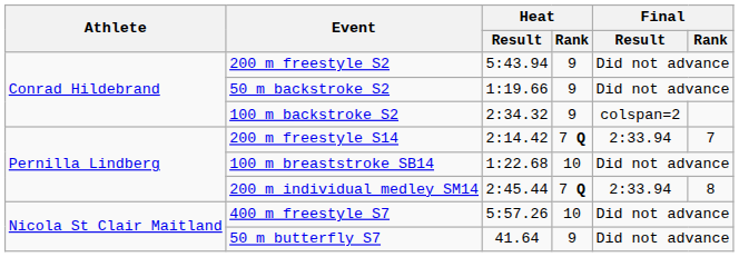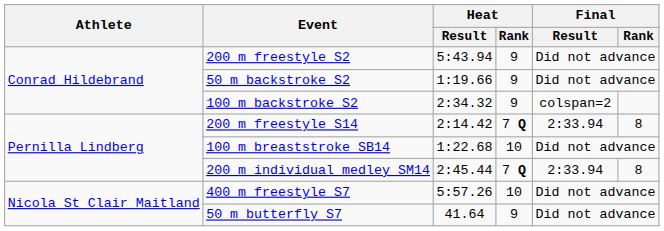 <table class="wikitable" style="font-size:90%">
 <tr>
 <th rowspan="2">Athlete</th>
 <th rowspan="2">Event</th>
 <th colspan=2>Heat</th>
 <th colspan=2>Final</th>
 </tr>
 <tr style="font-size:95%">
 <th>Result</th>
 <th>Rank</th>
 <th>Result</th>
 <th>Rank</th>
 </tr>
 <tr align=center>
 <td align=left rowspan=3><a href='#'>Conrad Hildebrand</a></td>
 <td align=left><a href='#'>200 m freestyle S2</a></td>
 <td>5:43.94</td>
 <td>9</td>
 <td colspan=2>Did not advance</td>
 </tr>
 <tr align=center>
 <td align=left><a href='#'>50 m backstroke S2</a></td>
 <td>1:19.66</td>
 <td>9</td>
 <td colspan=2>Did not advance</td>
 </tr>
 <tr align=center>
 <td align=left><a href='#'>100 m backstroke S2</a></td>
 <td>2:34.32</td>
 <td>9</td>
 <td>colspan=2 </td>
 </tr>
 <tr align=center>
 <td align=left rowspan=3><a href='#'>Pernilla Lindberg</a></td>
 <td align=left><a href='#'>200 m freestyle S14</a></td>
 <td>2:14.42</td>
 <td>7 <strong>Q</strong></td>
 <td>2:33.94</td>
-<td>7</td>
+<td>8</td>
 </tr>
 <tr align=center>
 <td align=left><a href='#'>100 m breaststroke SB14</a></td>
 <td>1:22.68</td>
 <td>10</td>
 <td colspan=2>Did not advance</td>
 </tr>
 <tr align=center>
 <td align=left><a href='#'>200 m individual medley SM14</a></td>
 <td>2:45.44</td>
 <td>7 <strong>Q</strong></td>
 <td>2:33.94</td>
 <td>8</td>
 </tr>
 <tr align=center>
 <td align=left rowspan=2><a href='#'>Nicola St Clair Maitland</a></td>
 <td align=left><a href='#'>400 m freestyle S7</a></td>
 <td>5:57.26</td>
 <td>10</td>
 <td colspan=2>Did not advance</td>
 </tr>
 <tr align=center>
 <td align=left><a href='#'>50 m butterfly S7</a></td>
 <td>41.64</td>
 <td>9</td>
 <td colspan=2>Did not advance</td>
 </tr>
 </table>
